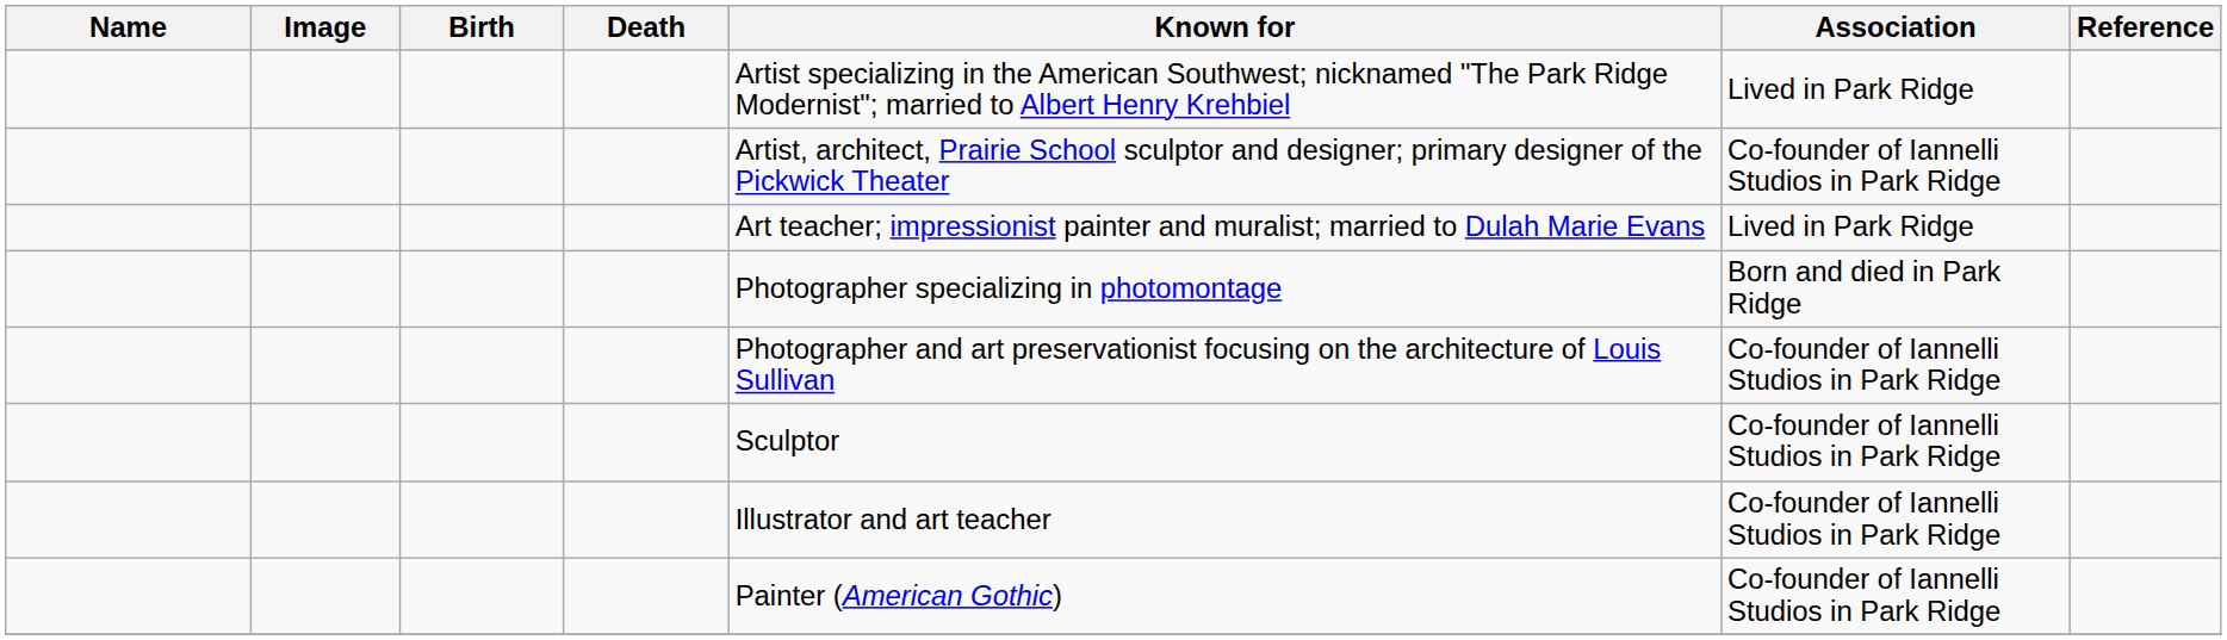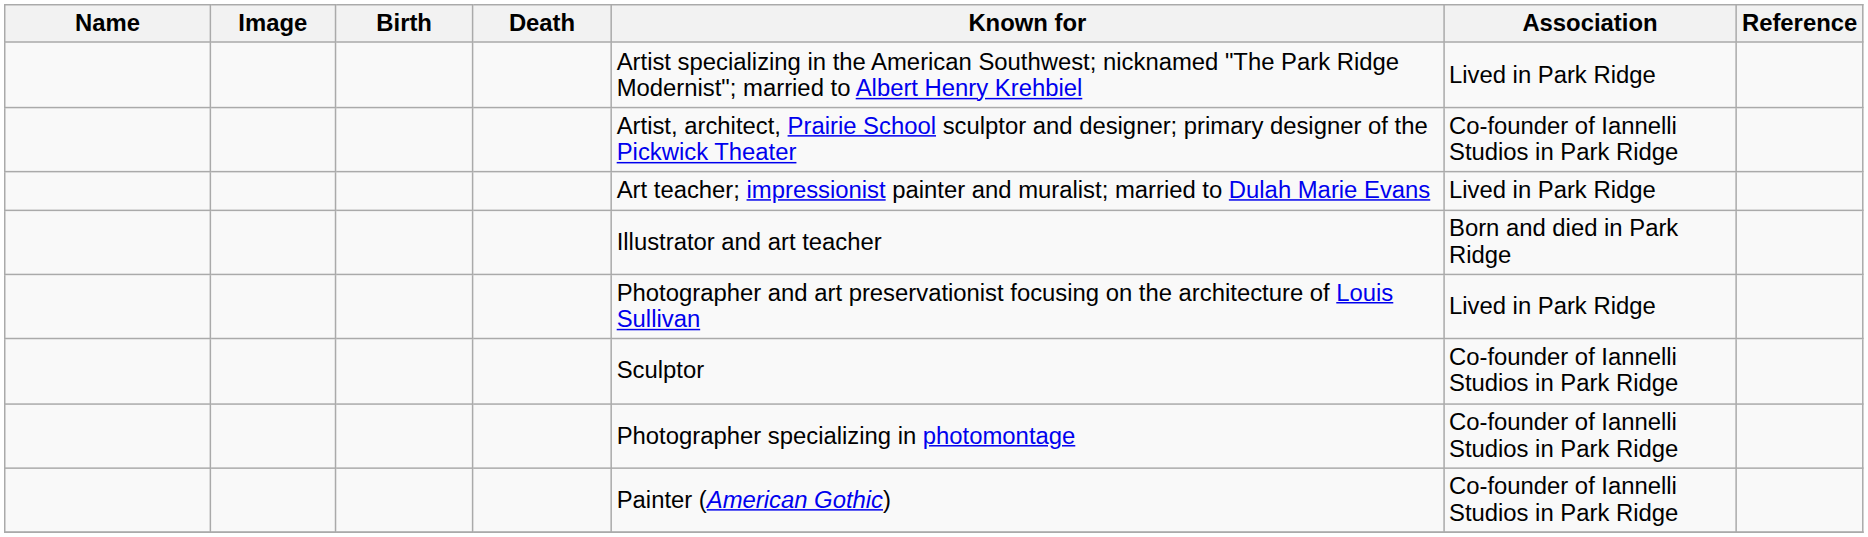 <table class="wikitable sortable">
 <tr>
 <th scope="col" width="140">Name</th>
 <th scope="col" width="80" class="unsortable">Image</th>
 <th scope="col" width="90">Birth</th>
 <th scope="col" width="90">Death</th>
 <th scope="col" width="600" class="unsortable">Known for</th>
 <th scope="col" width="200" class="unsortable">Association</th>
 <th scope="col" width="30" class="unsortable">Reference</th>
 </tr>
 <tr>
 <td></td>
 <td></td>
 <td align=right></td>
 <td align=right></td>
 <td>Artist specializing in the American Southwest; nicknamed "The Park Ridge Modernist"; married to <a href='#'>Albert Henry Krehbiel</a></td>
 <td>Lived in Park Ridge</td>
 <td align="center"></td>
 </tr>
 <tr>
 <td></td>
 <td></td>
 <td align=right></td>
 <td align=right></td>
 <td>Artist, architect, <a href='#'>Prairie School</a> sculptor and designer; primary designer of the <a href='#'>Pickwick Theater</a></td>
 <td>Co-founder of Iannelli Studios in Park Ridge</td>
 <td align="center"></td>
 </tr>
 <tr>
 <td></td>
 <td></td>
 <td align=right></td>
 <td align=right></td>
 <td>Art teacher; <a href='#'>impressionist</a> painter and muralist; married to <a href='#'>Dulah Marie Evans</a></td>
 <td>Lived in Park Ridge</td>
 <td align="center"></td>
 </tr>
 <tr>
 <td></td>
 <td></td>
 <td align=right></td>
 <td align=right></td>
-<td>Photographer specializing in <a href='#'>photomontage</a></td>
+<td>Illustrator and art teacher</td>
 <td>Born and died in Park Ridge</td>
 <td align="center"></td>
 </tr>
 <tr>
 <td></td>
 <td></td>
 <td align=right></td>
 <td align=right></td>
 <td>Photographer and art preservationist focusing on the architecture of <a href='#'>Louis Sullivan</a></td>
-<td>Co-founder of Iannelli Studios in Park Ridge</td>
+<td>Lived in Park Ridge</td>
 <td align="center"></td>
 </tr>
 <tr>
 <td></td>
 <td></td>
 <td align=right></td>
 <td align=right></td>
 <td>Sculptor</td>
 <td>Co-founder of Iannelli Studios in Park Ridge</td>
 <td align="center"></td>
 </tr>
 <tr>
 <td></td>
 <td></td>
 <td align=right></td>
 <td align=right></td>
-<td>Illustrator and art teacher</td>
+<td>Photographer specializing in <a href='#'>photomontage</a></td>
 <td>Co-founder of Iannelli Studios in Park Ridge</td>
 <td align="center"></td>
 </tr>
 <tr>
 <td></td>
 <td></td>
 <td align=right></td>
 <td align=right></td>
 <td>Painter (<em><a href='#'>American Gothic</a></em>)</td>
 <td>Co-founder of Iannelli Studios in Park Ridge</td>
 <td align="center"></td>
 </tr>
 <tr>
 </tr>
 </table>
